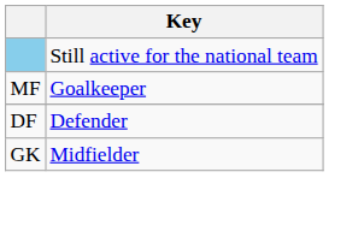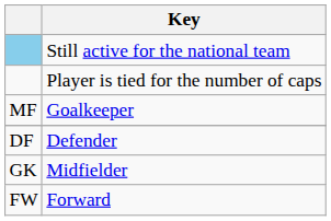 <table class="wikitable">
 <tr>
 <th></th>
 <th style="align: left">Key</th>
 </tr>
 <tr>
 <td style="background:#87CEEB;"></td>
 <td>Still <a href='#'>active for the national team</a></td>
+</tr>
+<tr>
+<td></td>
+<td>Player is tied for the number of caps</td>
 </tr>
 <tr>
 <td>MF</td>
 <td><a href='#'>Goalkeeper</a></td>
 </tr>
 <tr>
 </tr>
 <tr>
 <td>DF</td>
 <td><a href='#'>Defender</a></td>
 </tr>
 <tr>
 <td>GK</td>
 <td><a href='#'>Midfielder</a></td>
 </tr>
+<tr>
+<td>FW</td>
+<td><a href='#'>Forward</a></td>
+</tr>
 </table>
